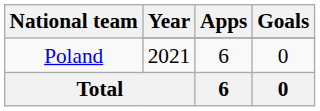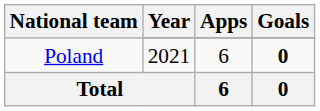 <table class=wikitable style=text-align:center>
 <tr>
 <th>National team</th>
 <th>Year</th>
 <th>Apps</th>
 <th>Goals</th>
 </tr>
 <tr>
 <td rowspan="2"><a href='#'>Poland</a></td>
 </tr>
 <tr>
 <td>2021</td>
 <td>6</td>
-<td>0</td>
+<td><strong>0</strong></td>
 </tr>
 <tr>
 <th colspan="2">Total</th>
 <th>6</th>
 <th>0</th>
 </tr>
 </table>
